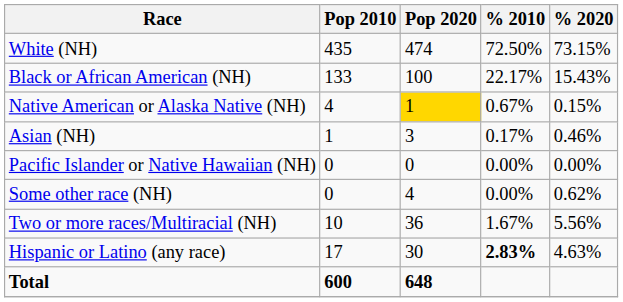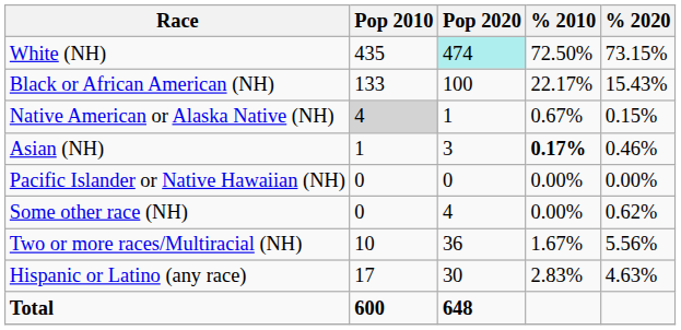 <table class="wikitable">
 <tr>
 <th>Race</th>
 <th>Pop 2010</th>
 <th>Pop 2020</th>
 <th>% 2010</th>
 <th>% 2020</th>
 </tr>
 <tr>
 <td><a href='#'>White</a> (NH)</td>
 <td>435</td>
-<td>474</td>
+<td style="background: paleturquoise;">474</td>
 <td>72.50%</td>
 <td>73.15%</td>
 </tr>
 <tr>
 <td><a href='#'>Black or African American</a> (NH)</td>
 <td>133</td>
 <td>100</td>
 <td>22.17%</td>
 <td>15.43%</td>
 </tr>
 <tr>
 <td><a href='#'>Native American</a> or <a href='#'>Alaska Native</a> (NH)</td>
-<td>4</td>
-<td style="background: gold;">1</td>
+<td style="background: lightgrey;">4</td>
+<td>1</td>
 <td>0.67%</td>
 <td>0.15%</td>
 </tr>
 <tr>
 <td><a href='#'>Asian</a> (NH)</td>
 <td>1</td>
 <td>3</td>
-<td>0.17%</td>
+<td><strong>0.17%</strong></td>
 <td>0.46%</td>
 </tr>
 <tr>
 <td><a href='#'>Pacific Islander</a> or <a href='#'>Native Hawaiian</a> (NH)</td>
 <td>0</td>
 <td>0</td>
 <td>0.00%</td>
 <td>0.00%</td>
 </tr>
 <tr>
 <td><a href='#'>Some other race</a> (NH)</td>
 <td>0</td>
 <td>4</td>
 <td>0.00%</td>
 <td>0.62%</td>
 </tr>
 <tr>
 <td><a href='#'>Two or more races/Multiracial</a> (NH)</td>
 <td>10</td>
 <td>36</td>
 <td>1.67%</td>
 <td>5.56%</td>
 </tr>
 <tr>
 <td><a href='#'>Hispanic or Latino</a> (any race)</td>
 <td>17</td>
 <td>30</td>
-<td><strong>2.83%</strong></td>
+<td>2.83%</td>
 <td>4.63%</td>
 </tr>
 <tr>
 <td><strong>Total</strong></td>
 <td><strong>600</strong></td>
 <td><strong>648</strong></td>
 <td></td>
 <td></td>
 </tr>
 <tr>
 </tr>
 </table>
